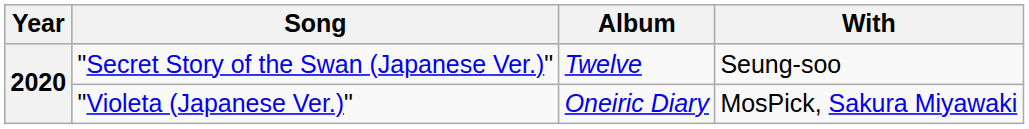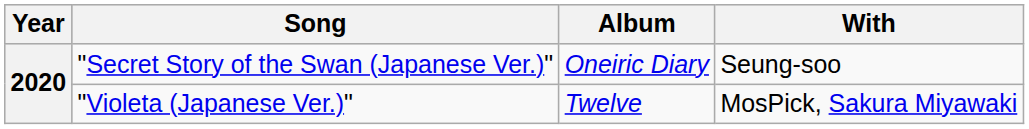 <table class="wikitable plainrowheaders">
 <tr>
 <th scope="col">Year</th>
 <th scope="col">Song</th>
 <th scope="col">Album</th>
 <th scope="col">With</th>
 </tr>
 <tr>
 <th scope="row" rowspan="2">2020</th>
 <td>"<a href='#'>Secret Story of the Swan (Japanese Ver.)</a>"</td>
-<td><em><a href='#'>Twelve</a></em></td>
+<td><em><a href='#'>Oneiric Diary</a></em></td>
 <td>Seung-soo</td>
 </tr>
 <tr>
 <td>"<a href='#'>Violeta (Japanese Ver.)</a>"</td>
-<td><em><a href='#'>Oneiric Diary</a></em></td>
+<td><em><a href='#'>Twelve</a></em></td>
 <td>MosPick, <a href='#'>Sakura Miyawaki</a></td>
 </tr>
 </table>
